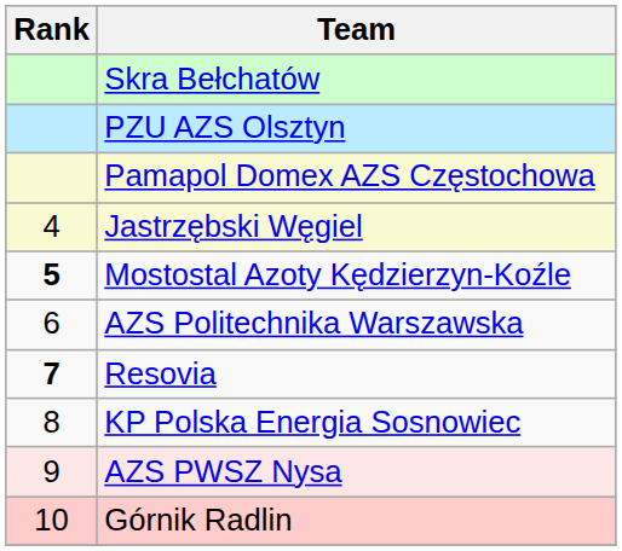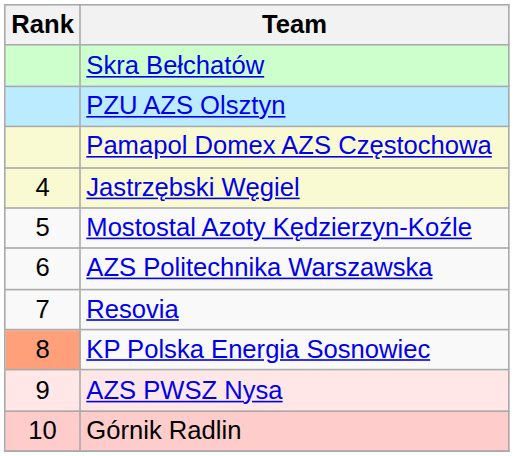 <table class="wikitable" style="white-space: nowrap; width:25%;">
 <tr>
 <th width=15%>Rank</th>
 <th>Team</th>
 </tr>
 <tr bgcolor=#CCFFCC>
 <td style="text-align:center;"></td>
 <td><a href='#'>Skra Bełchatów</a></td>
 </tr>
 <tr bgcolor=#BBEBFF>
 <td style="text-align:center;"></td>
 <td><a href='#'>PZU AZS Olsztyn</a></td>
 </tr>
 <tr bgcolor=#FAFAD2>
 <td style="text-align:center;"></td>
 <td><a href='#'>Pamapol Domex AZS Częstochowa</a></td>
 </tr>
 <tr bgcolor=#FAFAD2>
 <td style="text-align:center;">4</td>
 <td><a href='#'>Jastrzębski Węgiel</a></td>
 </tr>
 <tr>
-<td style="text-align:center;"><strong>5</strong></td>
+<td style="text-align:center;">5</td>
 <td><a href='#'>Mostostal Azoty Kędzierzyn-Koźle</a></td>
 </tr>
 <tr>
 <td style="text-align:center;">6</td>
 <td><a href='#'>AZS Politechnika Warszawska</a></td>
 </tr>
 <tr>
-<td style="text-align:center;"><strong>7</strong></td>
+<td style="text-align:center;">7</td>
 <td><a href='#'>Resovia</a></td>
 </tr>
 <tr>
-<td style="text-align:center;">8</td>
+<td style="background: lightsalmon; text-align:center;">8</td>
 <td><a href='#'>KP Polska Energia Sosnowiec</a></td>
 </tr>
 <tr bgcolor=#FFE7E7>
 <td style="text-align:center;">9</td>
 <td><a href='#'>AZS PWSZ Nysa</a></td>
 </tr>
 <tr bgcolor=#FFCCCC>
 <td style="text-align:center;">10</td>
 <td>Górnik Radlin</td>
 </tr>
 <tr>
 </tr>
 </table>
